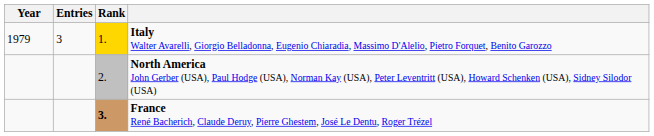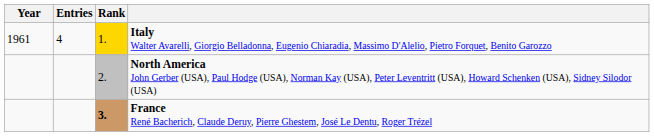 <table class="wikitable" style="width:100%;">
 <tr>
 <th>Year</th>
 <th>Entries</th>
 <th>Rank</th>
 <th></th>
 </tr>
 <tr>
-<td width=60>1979</td>
-<td>3</td>
+<td width=60>1961</td>
+<td>4</td>
 <td style="background:gold; width:30px;">1.</td>
 <td> <strong>Italy</strong><br><small><a href='#'>Walter Avarelli</a>, <a href='#'>Giorgio Belladonna</a>, <a href='#'>Eugenio Chiaradia</a>, <a href='#'>Massimo D'Alelio</a>, <a href='#'>Pietro Forquet</a>, <a href='#'>Benito Garozzo</a></small></td>
 </tr>
 <tr>
 <td></td>
 <td></td>
 <td style="background:silver;">2.</td>
 <td> <strong>North America</strong><br><small><a href='#'>John Gerber</a> (USA), <a href='#'>Paul Hodge</a> (USA), <a href='#'>Norman Kay</a> (USA), <a href='#'>Peter Leventritt</a> (USA), <a href='#'>Howard Schenken</a> (USA), <a href='#'>Sidney Silodor</a> (USA)</small></td>
 </tr>
 <tr>
 <td></td>
 <td></td>
 <td style="background:#c96;"><strong>3.</strong></td>
 <td> <strong>France</strong><br><small><a href='#'>René Bacherich</a>, <a href='#'>Claude Deruy</a>, <a href='#'>Pierre Ghestem</a>, <a href='#'>José Le Dentu</a>, <a href='#'>Roger Trézel</a></small></td>
 </tr>
 </table>
